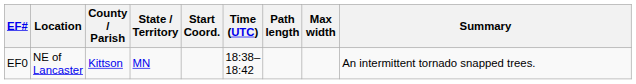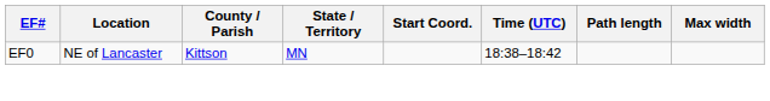 <table class="wikitable sortable" style="width:100%;">
 <tr>
 <th scope="col"  style="width:3%; text-align:center;"><a href='#'>EF#</a></th>
 <th scope="col"  style="width:7%; text-align:center;" class="unsortable">Location</th>
 <th scope="col"  style="width:6%; text-align:center;" class="unsortable">County / Parish</th>
 <th scope="col"  style="width:5%; text-align:center;">State / Territory</th>
 <th scope="col"  style="width:6%; text-align:center;">Start Coord.</th>
 <th scope="col"  style="width:6%; text-align:center;">Time (<a href='#'>UTC</a>)</th>
 <th scope="col"  style="width:6%; text-align:center;">Path length</th>
 <th scope="col"  style="width:6%; text-align:center;">Max width</th>
-<th scope="col" class="unsortable" style="width:48%; text-align:center;">Summary</th>
 </tr>
 <tr>
 <td>EF0</td>
 <td>NE of <a href='#'>Lancaster</a></td>
 <td><a href='#'>Kittson</a></td>
 <td><a href='#'>MN</a></td>
 <td></td>
 <td>18:38–18:42</td>
 <td></td>
 <td></td>
-<td>An intermittent tornado snapped trees.</td>
 </tr>
 </table>
